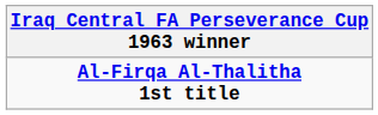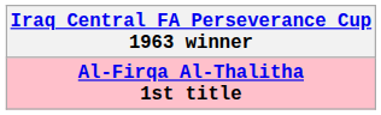 <table class="wikitable" style="text-align: center; margin: 0 auto;">
 <tr>
 <th><a href='#'>Iraq Central FA Perseverance Cup</a><br>1963 winner</th>
 </tr>
 <tr>
-<td><strong><a href='#'>Al-Firqa Al-Thalitha</a></strong><br><strong>1st title</strong></td>
+<td style="background: pink;"><strong><a href='#'>Al-Firqa Al-Thalitha</a></strong><br><strong>1st title</strong></td>
 </tr>
 </table>
